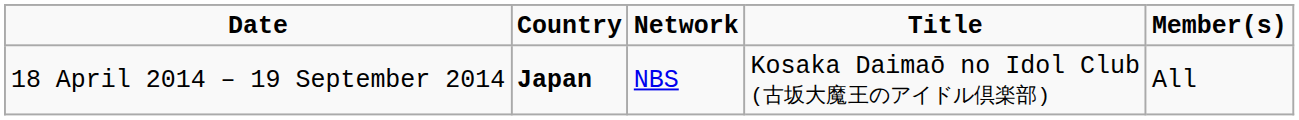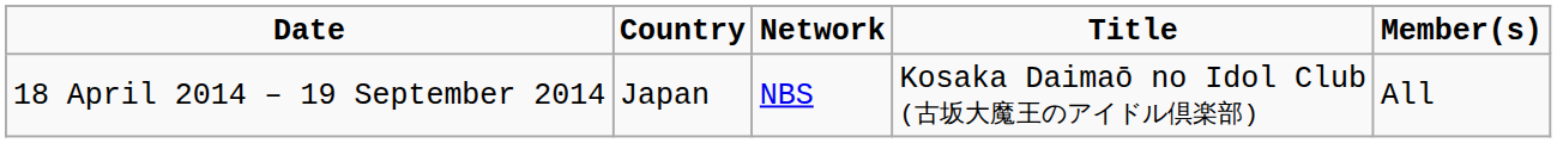 <table class="wikitable">
 <tr style="font-weight:bold; text-align:center;">
 <td>Date</td>
 <td>Country</td>
 <td>Network</td>
 <td>Title</td>
 <td>Member(s)</td>
 </tr>
 <tr>
 <td>18 April 2014 – 19 September 2014</td>
-<td><strong>Japan</strong></td>
+<td>Japan</td>
 <td><a href='#'>NBS</a></td>
 <td>Kosaka Daimaō no Idol Club<br><small>(古坂大魔王のアイドル倶楽部)</small></td>
 <td rowspan="1">All</td>
 </tr>
 </table>
